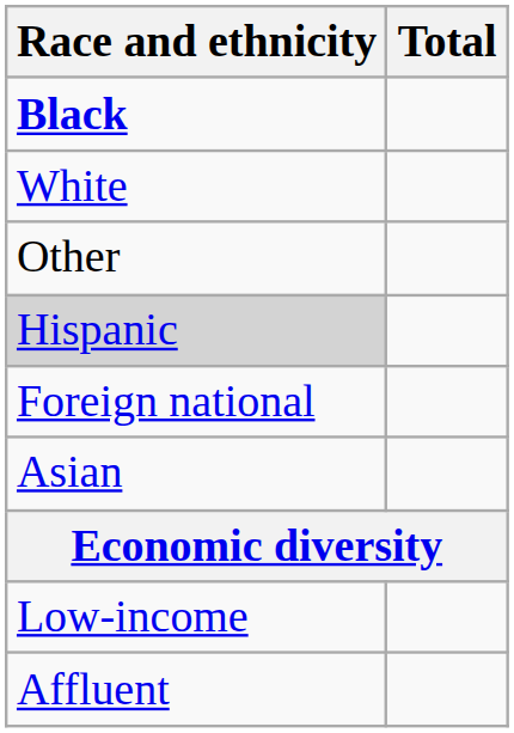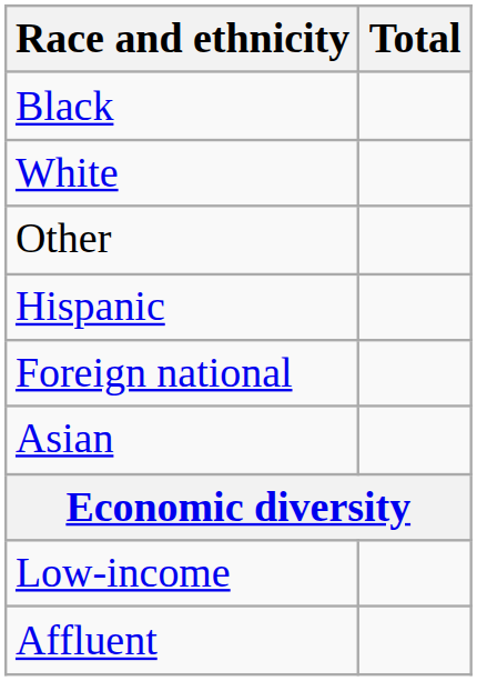 <table class="wikitable floatright sortable collapsible"; text-align:right; font-size:80%;">
 <tr>
 <th>Race and ethnicity</th>
 <th colspan="2" data-sort-type=number>Total</th>
 </tr>
 <tr>
-<td><strong><a href='#'>Black</a></strong></td>
+<td><a href='#'>Black</a></td>
 <td align=right></td>
 </tr>
 <tr>
 <td><a href='#'>White</a></td>
 <td align=right></td>
 </tr>
 <tr>
 <td>Other</td>
 <td align=right></td>
 </tr>
 <tr>
-<td style="background: lightgrey;"><a href='#'>Hispanic</a></td>
+<td><a href='#'>Hispanic</a></td>
 <td align=right></td>
 </tr>
 <tr>
 <td><a href='#'>Foreign national</a></td>
 <td align=right></td>
 </tr>
 <tr>
 <td><a href='#'>Asian</a></td>
 <td align=right></td>
 </tr>
 <tr>
 <th colspan="4" data-sort-type=number><a href='#'>Economic diversity</a></th>
 </tr>
 <tr>
 <td><a href='#'>Low-income</a></td>
 <td align=right></td>
 </tr>
 <tr>
 <td><a href='#'>Affluent</a></td>
 <td align=right></td>
 </tr>
 </table>
